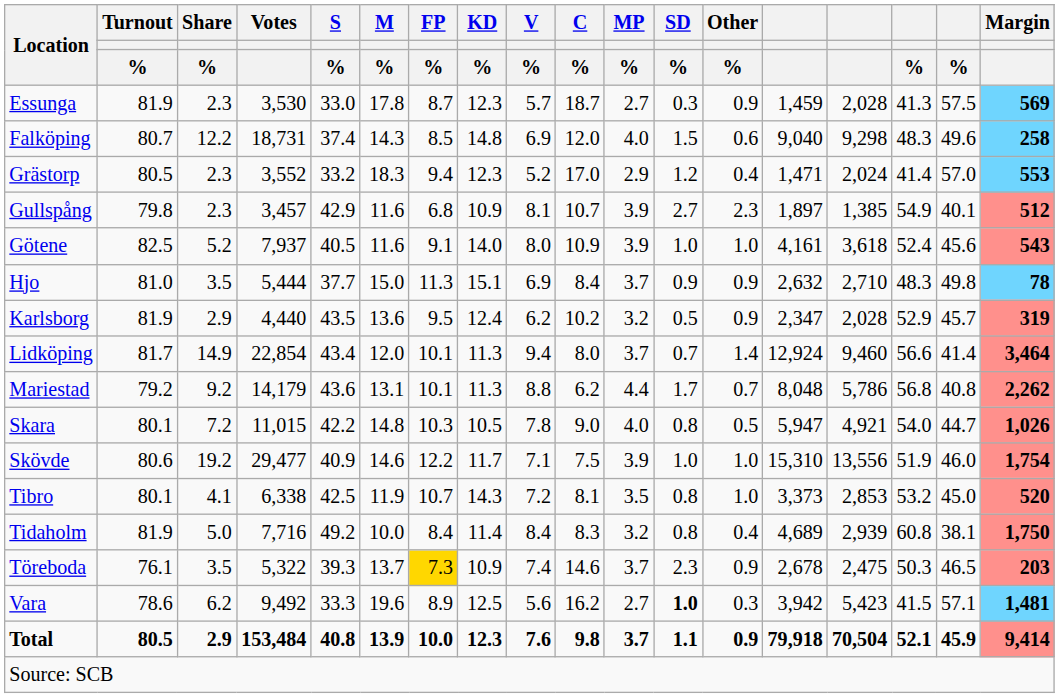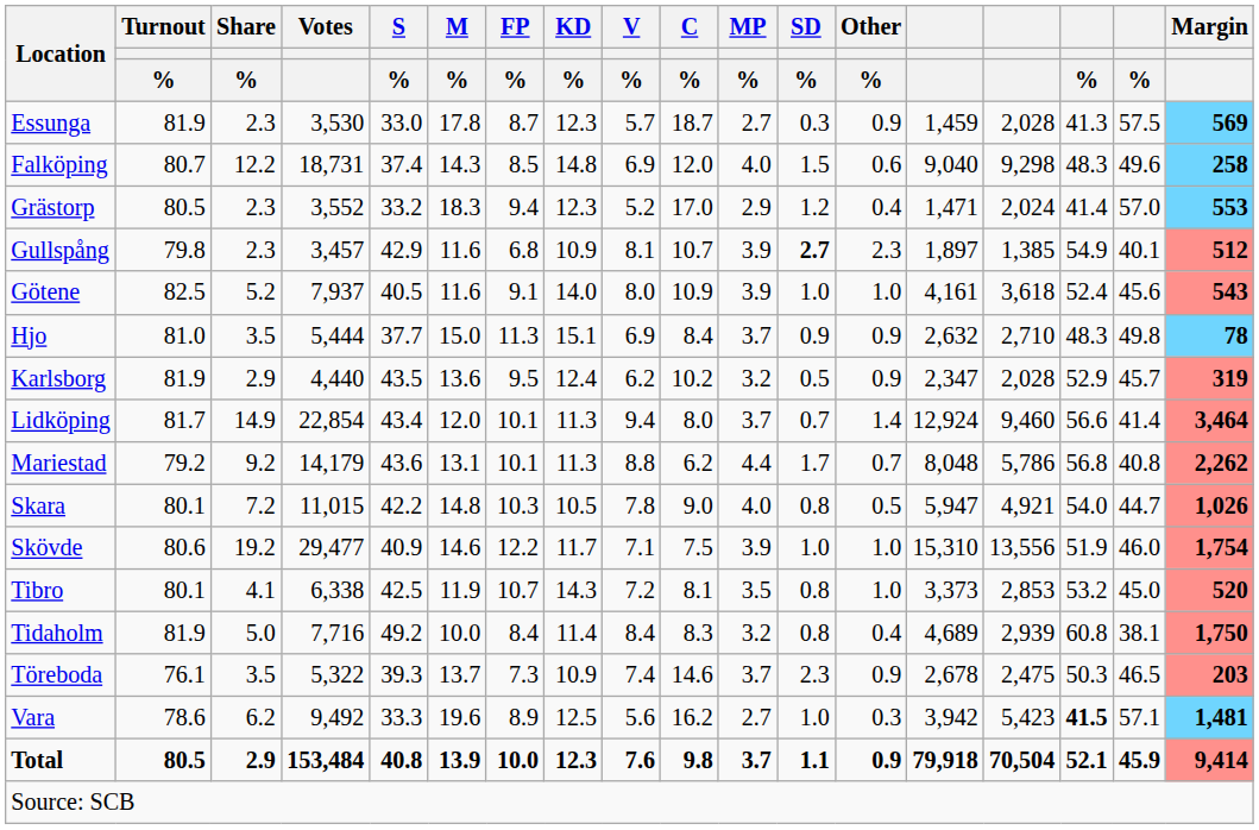 <table class="wikitable sortable" style="text-align:right; font-size:95%; line-height:20px;">
 <tr>
 <th rowspan="3">Location</th>
 <th>Turnout</th>
 <th>Share</th>
 <th>Votes</th>
 <th width="30px" class="unsortable"><a href='#'>S</a></th>
 <th width="30px" class="unsortable"><a href='#'>M</a></th>
 <th width="30px" class="unsortable"><a href='#'>FP</a></th>
 <th width="30px" class="unsortable"><a href='#'>KD</a></th>
 <th width="30px" class="unsortable"><a href='#'>V</a></th>
 <th width="30px" class="unsortable"><a href='#'>C</a></th>
 <th width="30px" class="unsortable"><a href='#'>MP</a></th>
 <th width="30px" class="unsortable"><a href='#'>SD</a></th>
 <th width="30px" class="unsortable">Other</th>
 <th></th>
 <th></th>
 <th></th>
 <th></th>
 <th>Margin</th>
 </tr>
 <tr>
 <th></th>
 <th></th>
 <th></th>
 <th style="background:"></th>
 <th style="background:"></th>
 <th style="background:"></th>
 <th style="background:"></th>
 <th style="background:"></th>
 <th style="background:"></th>
 <th style="background:"></th>
 <th style="background:"></th>
 <th style="background:"></th>
 <th style="background:"></th>
 <th style="background:"></th>
 <th style="background:"></th>
 <th style="background:"></th>
 <th></th>
 </tr>
 <tr>
 <th data-sort-type="number">%</th>
 <th data-sort-type="number">%</th>
 <th></th>
 <th data-sort-type="number">%</th>
 <th data-sort-type="number">%</th>
 <th data-sort-type="number">%</th>
 <th data-sort-type="number">%</th>
 <th data-sort-type="number">%</th>
 <th data-sort-type="number">%</th>
 <th data-sort-type="number">%</th>
 <th data-sort-type="number">%</th>
 <th data-sort-type="number">%</th>
 <th data-sort-type="number"></th>
 <th data-sort-type="number"></th>
 <th data-sort-type="number">%</th>
 <th data-sort-type="number">%</th>
 <th data-sort-type="number"></th>
 </tr>
 <tr>
 <td align=left><a href='#'>Essunga</a></td>
 <td>81.9</td>
 <td>2.3</td>
 <td>3,530</td>
 <td>33.0</td>
 <td>17.8</td>
 <td>8.7</td>
 <td>12.3</td>
 <td>5.7</td>
 <td>18.7</td>
 <td>2.7</td>
 <td>0.3</td>
 <td>0.9</td>
 <td>1,459</td>
 <td>2,028</td>
 <td>41.3</td>
 <td>57.5</td>
 <td bgcolor=#6fd5fe><strong>569</strong></td>
 </tr>
 <tr>
 <td align=left><a href='#'>Falköping</a></td>
 <td>80.7</td>
 <td>12.2</td>
 <td>18,731</td>
 <td>37.4</td>
 <td>14.3</td>
 <td>8.5</td>
 <td>14.8</td>
 <td>6.9</td>
 <td>12.0</td>
 <td>4.0</td>
 <td>1.5</td>
 <td>0.6</td>
 <td>9,040</td>
 <td>9,298</td>
 <td>48.3</td>
 <td>49.6</td>
 <td bgcolor=#6fd5fe><strong>258</strong></td>
 </tr>
 <tr>
 <td align=left><a href='#'>Grästorp</a></td>
 <td>80.5</td>
 <td>2.3</td>
 <td>3,552</td>
 <td>33.2</td>
 <td>18.3</td>
 <td>9.4</td>
 <td>12.3</td>
 <td>5.2</td>
 <td>17.0</td>
 <td>2.9</td>
 <td>1.2</td>
 <td>0.4</td>
 <td>1,471</td>
 <td>2,024</td>
 <td>41.4</td>
 <td>57.0</td>
 <td bgcolor=#6fd5fe><strong>553</strong></td>
 </tr>
 <tr>
 <td align=left><a href='#'>Gullspång</a></td>
 <td>79.8</td>
 <td>2.3</td>
 <td>3,457</td>
 <td>42.9</td>
 <td>11.6</td>
 <td>6.8</td>
 <td>10.9</td>
 <td>8.1</td>
 <td>10.7</td>
 <td>3.9</td>
-<td>2.7</td>
+<td><strong>2.7</strong></td>
 <td>2.3</td>
 <td>1,897</td>
 <td>1,385</td>
 <td>54.9</td>
 <td>40.1</td>
 <td bgcolor=#ff908c><strong>512</strong></td>
 </tr>
 <tr>
 <td align=left><a href='#'>Götene</a></td>
 <td>82.5</td>
 <td>5.2</td>
 <td>7,937</td>
 <td>40.5</td>
 <td>11.6</td>
 <td>9.1</td>
 <td>14.0</td>
 <td>8.0</td>
 <td>10.9</td>
 <td>3.9</td>
 <td>1.0</td>
 <td>1.0</td>
 <td>4,161</td>
 <td>3,618</td>
 <td>52.4</td>
 <td>45.6</td>
 <td bgcolor=#ff908c><strong>543</strong></td>
 </tr>
 <tr>
 <td align=left><a href='#'>Hjo</a></td>
 <td>81.0</td>
 <td>3.5</td>
 <td>5,444</td>
 <td>37.7</td>
 <td>15.0</td>
 <td>11.3</td>
 <td>15.1</td>
 <td>6.9</td>
 <td>8.4</td>
 <td>3.7</td>
 <td>0.9</td>
 <td>0.9</td>
 <td>2,632</td>
 <td>2,710</td>
 <td>48.3</td>
 <td>49.8</td>
 <td bgcolor=#6fd5fe><strong>78</strong></td>
 </tr>
 <tr>
 <td align=left><a href='#'>Karlsborg</a></td>
 <td>81.9</td>
 <td>2.9</td>
 <td>4,440</td>
 <td>43.5</td>
 <td>13.6</td>
 <td>9.5</td>
 <td>12.4</td>
 <td>6.2</td>
 <td>10.2</td>
 <td>3.2</td>
 <td>0.5</td>
 <td>0.9</td>
 <td>2,347</td>
 <td>2,028</td>
 <td>52.9</td>
 <td>45.7</td>
 <td bgcolor=#ff908c><strong>319</strong></td>
 </tr>
 <tr>
 <td align=left><a href='#'>Lidköping</a></td>
 <td>81.7</td>
 <td>14.9</td>
 <td>22,854</td>
 <td>43.4</td>
 <td>12.0</td>
 <td>10.1</td>
 <td>11.3</td>
 <td>9.4</td>
 <td>8.0</td>
 <td>3.7</td>
 <td>0.7</td>
 <td>1.4</td>
 <td>12,924</td>
 <td>9,460</td>
 <td>56.6</td>
 <td>41.4</td>
 <td bgcolor=#ff908c><strong>3,464</strong></td>
 </tr>
 <tr>
 <td align=left><a href='#'>Mariestad</a></td>
 <td>79.2</td>
 <td>9.2</td>
 <td>14,179</td>
 <td>43.6</td>
 <td>13.1</td>
 <td>10.1</td>
 <td>11.3</td>
 <td>8.8</td>
 <td>6.2</td>
 <td>4.4</td>
 <td>1.7</td>
 <td>0.7</td>
 <td>8,048</td>
 <td>5,786</td>
 <td>56.8</td>
 <td>40.8</td>
 <td bgcolor=#ff908c><strong>2,262</strong></td>
 </tr>
 <tr>
 <td align=left><a href='#'>Skara</a></td>
 <td>80.1</td>
 <td>7.2</td>
 <td>11,015</td>
 <td>42.2</td>
 <td>14.8</td>
 <td>10.3</td>
 <td>10.5</td>
 <td>7.8</td>
 <td>9.0</td>
 <td>4.0</td>
 <td>0.8</td>
 <td>0.5</td>
 <td>5,947</td>
 <td>4,921</td>
 <td>54.0</td>
 <td>44.7</td>
 <td bgcolor=#ff908c><strong>1,026</strong></td>
 </tr>
 <tr>
 <td align=left><a href='#'>Skövde</a></td>
 <td>80.6</td>
 <td>19.2</td>
 <td>29,477</td>
 <td>40.9</td>
 <td>14.6</td>
 <td>12.2</td>
 <td>11.7</td>
 <td>7.1</td>
 <td>7.5</td>
 <td>3.9</td>
 <td>1.0</td>
 <td>1.0</td>
 <td>15,310</td>
 <td>13,556</td>
 <td>51.9</td>
 <td>46.0</td>
 <td bgcolor=#ff908c><strong>1,754</strong></td>
 </tr>
 <tr>
 <td align=left><a href='#'>Tibro</a></td>
 <td>80.1</td>
 <td>4.1</td>
 <td>6,338</td>
 <td>42.5</td>
 <td>11.9</td>
 <td>10.7</td>
 <td>14.3</td>
 <td>7.2</td>
 <td>8.1</td>
 <td>3.5</td>
 <td>0.8</td>
 <td>1.0</td>
 <td>3,373</td>
 <td>2,853</td>
 <td>53.2</td>
 <td>45.0</td>
 <td bgcolor=#ff908c><strong>520</strong></td>
 </tr>
 <tr>
 <td align=left><a href='#'>Tidaholm</a></td>
 <td>81.9</td>
 <td>5.0</td>
 <td>7,716</td>
 <td>49.2</td>
 <td>10.0</td>
 <td>8.4</td>
 <td>11.4</td>
 <td>8.4</td>
 <td>8.3</td>
 <td>3.2</td>
 <td>0.8</td>
 <td>0.4</td>
 <td>4,689</td>
 <td>2,939</td>
 <td>60.8</td>
 <td>38.1</td>
 <td bgcolor=#ff908c><strong>1,750</strong></td>
 </tr>
 <tr>
 <td align=left><a href='#'>Töreboda</a></td>
 <td>76.1</td>
 <td>3.5</td>
 <td>5,322</td>
 <td>39.3</td>
 <td>13.7</td>
-<td style="background: gold;">7.3</td>
+<td>7.3</td>
 <td>10.9</td>
 <td>7.4</td>
 <td>14.6</td>
 <td>3.7</td>
 <td>2.3</td>
 <td>0.9</td>
 <td>2,678</td>
 <td>2,475</td>
 <td>50.3</td>
 <td>46.5</td>
 <td bgcolor=#ff908c><strong>203</strong></td>
 </tr>
 <tr>
 <td align=left><a href='#'>Vara</a></td>
 <td>78.6</td>
 <td>6.2</td>
 <td>9,492</td>
 <td>33.3</td>
 <td>19.6</td>
 <td>8.9</td>
 <td>12.5</td>
 <td>5.6</td>
 <td>16.2</td>
 <td>2.7</td>
-<td><strong>1.0</strong></td>
+<td>1.0</td>
 <td>0.3</td>
 <td>3,942</td>
 <td>5,423</td>
-<td>41.5</td>
+<td><strong>41.5</strong></td>
 <td>57.1</td>
 <td bgcolor=#6fd5fe><strong>1,481</strong></td>
 </tr>
 <tr>
 <td align=left><strong>Total</strong></td>
 <td><strong>80.5</strong></td>
 <td><strong>2.9</strong></td>
 <td><strong>153,484</strong></td>
 <td><strong>40.8</strong></td>
 <td><strong>13.9</strong></td>
 <td><strong>10.0</strong></td>
 <td><strong>12.3</strong></td>
 <td><strong>7.6</strong></td>
 <td><strong>9.8</strong></td>
 <td><strong>3.7</strong></td>
 <td><strong>1.1</strong></td>
 <td><strong>0.9</strong></td>
 <td><strong>79,918</strong></td>
 <td><strong>70,504</strong></td>
 <td><strong>52.1</strong></td>
 <td><strong>45.9</strong></td>
 <td bgcolor=#ff908c><strong>9,414</strong></td>
 </tr>
 <tr>
 <td align=left colspan=18>Source: SCB </td>
 </tr>
 </table>
